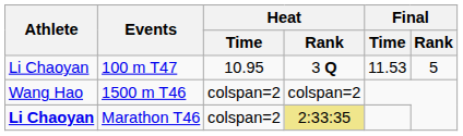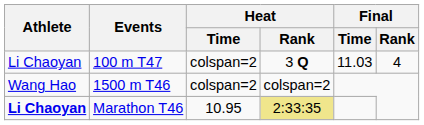 <table class=wikitable style="text-align: center; font-size:90%">
 <tr>
 <th rowspan="2">Athlete</th>
 <th rowspan="2">Events</th>
 <th colspan="2">Heat</th>
 <th colspan="2">Final</th>
 </tr>
 <tr>
 <th>Time</th>
 <th>Rank</th>
 <th>Time</th>
 <th>Rank</th>
 </tr>
 <tr>
 <td align=left><a href='#'>Li Chaoyan</a></td>
 <td align=left><a href='#'>100 m T47</a></td>
-<td>10.95</td>
+<td>colspan=2 </td>
 <td>3 <strong>Q</strong></td>
-<td>11.53</td>
-<td>5</td>
+<td>11.03</td>
+<td>4</td>
 </tr>
 <tr>
 <td align=left><a href='#'>Wang Hao</a></td>
 <td align=left><a href='#'>1500 m T46</a></td>
 <td>colspan=2 </td>
 <td>colspan=2 </td>
 </tr>
 <tr>
 <td align=left><strong><a href='#'>Li Chaoyan</a></strong></td>
 <td align=left><a href='#'>Marathon T46</a></td>
-<td>colspan=2 </td>
+<td>10.95</td>
 <td style="background: khaki;">2:33:35</td>
 <td></td>
 </tr>
 </table>
